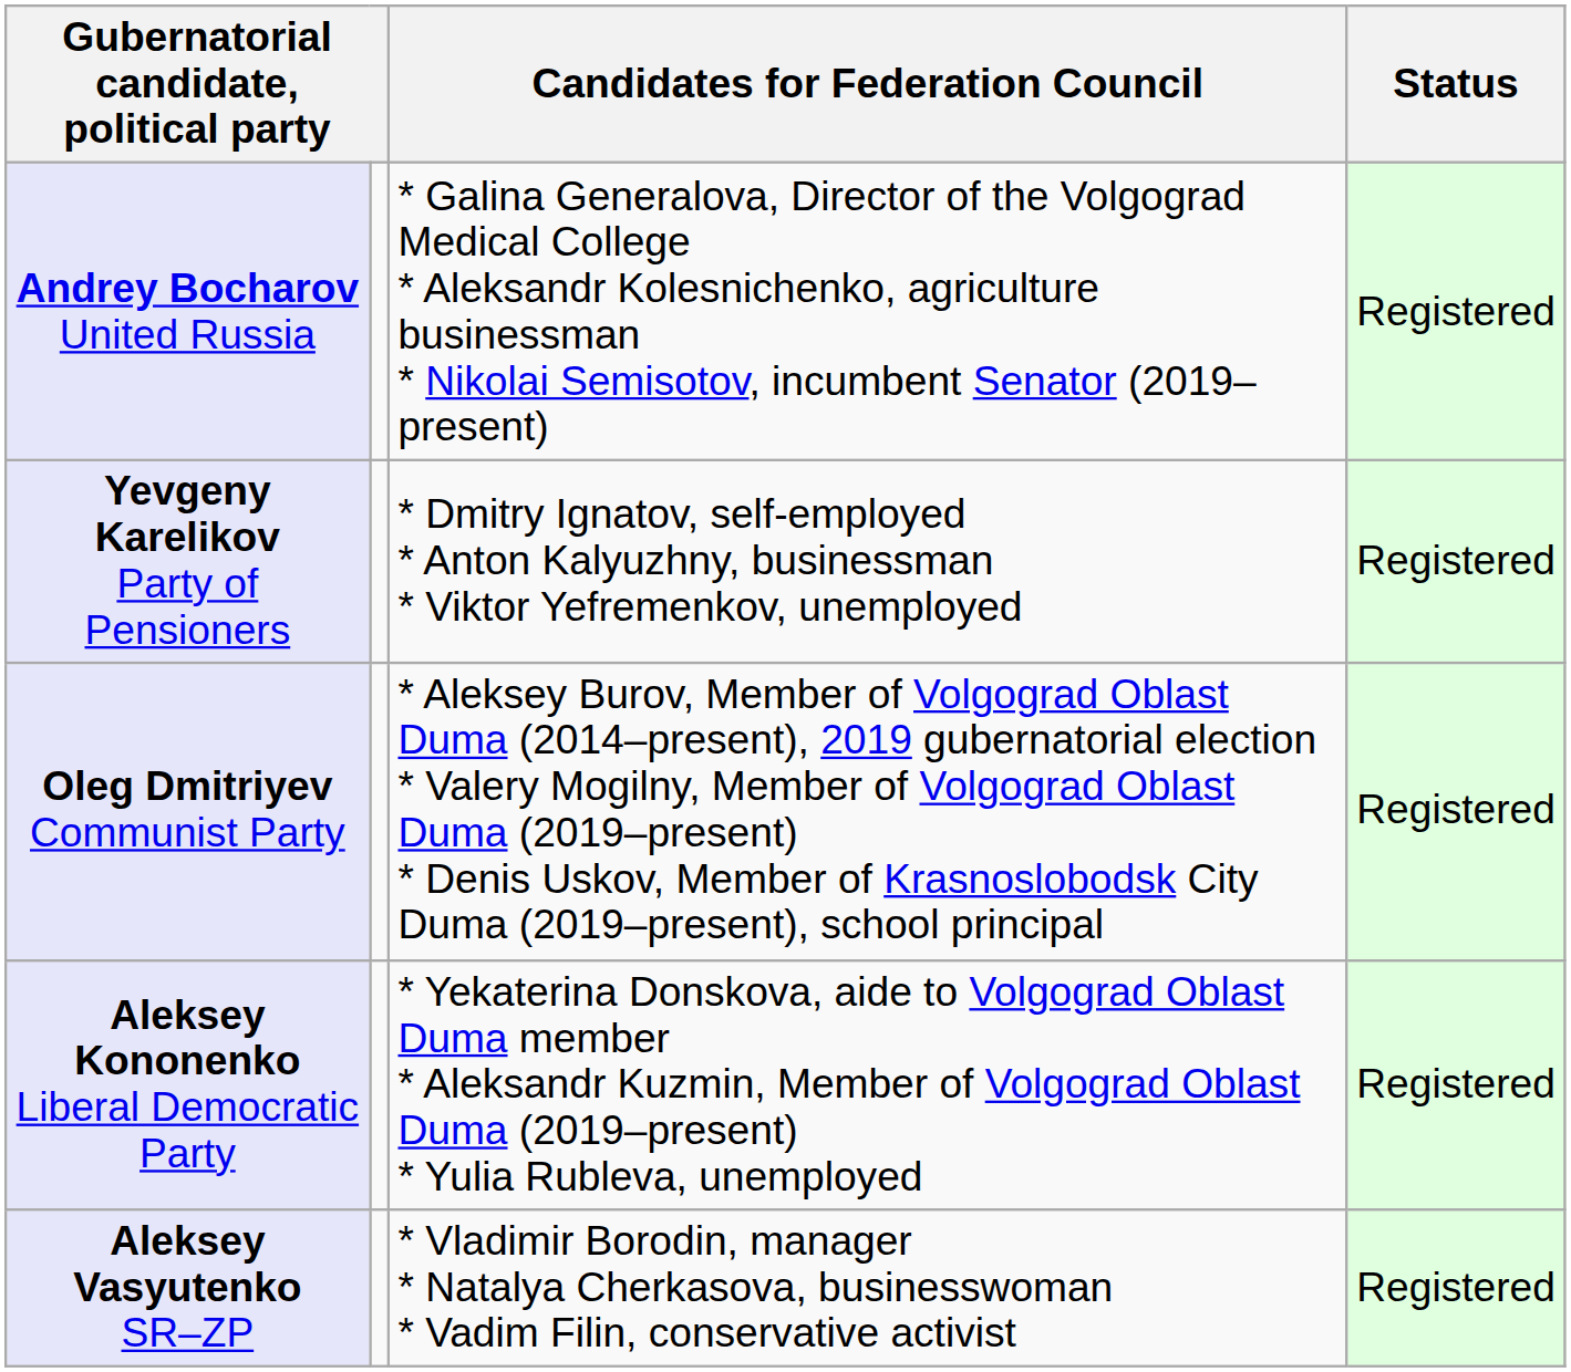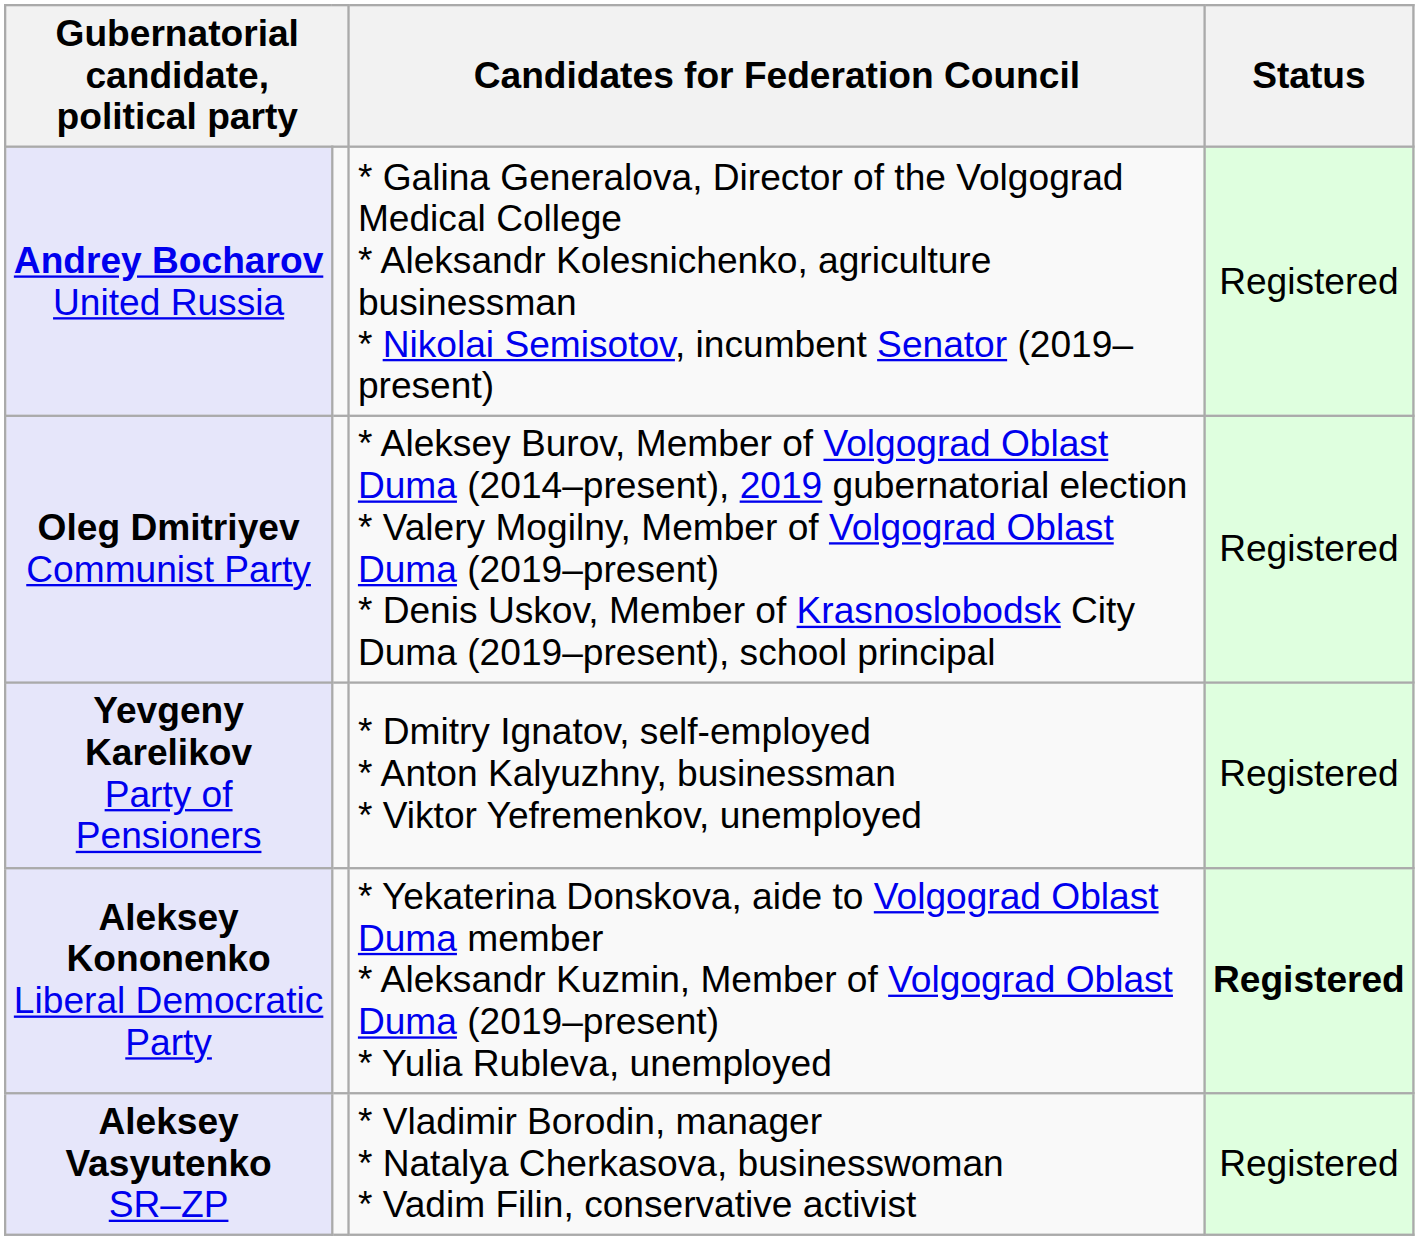 <table class="wikitable" style="text-align:center;">
 <tr>
 <th colspan="2">Gubernatorial candidate,<br>political party</th>
 <th>Candidates for Federation Council</th>
 <th>Status</th>
 </tr>
 <tr>
 <td style="background:lavender;"><strong><a href='#'>Andrey Bocharov</a></strong><br><a href='#'>United Russia</a></td>
 <td style="background-color:"></td>
 <td align=left>* Galina Generalova, Director of the Volgograd Medical College<br>* Aleksandr Kolesnichenko, agriculture businessman<br>* <a href='#'>Nikolai Semisotov</a>, incumbent <a href='#'>Senator</a> (2019–present)</td>
 <td bgcolor="#DFFFDF">Registered</td>
 </tr>
 <tr>
+<td style="background:lavender;"><strong>Oleg Dmitriyev</strong><br><a href='#'>Communist Party</a></td>
+<td style="background-color:"></td>
+<td align=left>* Aleksey Burov, Member of <a href='#'>Volgograd Oblast Duma</a> (2014–present), <a href='#'>2019</a> gubernatorial election<br>* Valery Mogilny, Member of <a href='#'>Volgograd Oblast Duma</a> (2019–present)<br>* Denis Uskov, Member of <a href='#'>Krasnoslobodsk</a> City Duma (2019–present), school principal</td>
+<td bgcolor="#DFFFDF">Registered</td>
+</tr>
+<tr>
 <td style="background:lavender;"><strong>Yevgeny Karelikov</strong><br><a href='#'>Party of Pensioners</a></td>
 <td style="background-color:"></td>
 <td align=left>* Dmitry Ignatov, self-employed<br>* Anton Kalyuzhny, businessman<br>* Viktor Yefremenkov, unemployed</td>
 <td bgcolor="#DFFFDF">Registered</td>
 </tr>
 <tr>
-<td style="background:lavender;"><strong>Oleg Dmitriyev</strong><br><a href='#'>Communist Party</a></td>
-<td style="background-color:"></td>
-<td align=left>* Aleksey Burov, Member of <a href='#'>Volgograd Oblast Duma</a> (2014–present), <a href='#'>2019</a> gubernatorial election<br>* Valery Mogilny, Member of <a href='#'>Volgograd Oblast Duma</a> (2019–present)<br>* Denis Uskov, Member of <a href='#'>Krasnoslobodsk</a> City Duma (2019–present), school principal</td>
-<td bgcolor="#DFFFDF">Registered</td>
-</tr>
-<tr>
 <td style="background:lavender;"><strong>Aleksey Kononenko</strong><br><a href='#'>Liberal Democratic Party</a></td>
 <td style="background-color:"></td>
 <td align=left>* Yekaterina Donskova, aide to <a href='#'>Volgograd Oblast Duma</a> member<br>* Aleksandr Kuzmin, Member of <a href='#'>Volgograd Oblast Duma</a> (2019–present)<br>* Yulia Rubleva, unemployed</td>
-<td bgcolor="#DFFFDF">Registered</td>
+<td bgcolor="#DFFFDF"><strong>Registered</strong></td>
 </tr>
 <tr>
 <td style="background:lavender;"><strong>Aleksey Vasyutenko</strong><br><a href='#'>SR–ZP</a></td>
 <td style="background-color:"></td>
 <td align=left>* Vladimir Borodin, manager<br>* Natalya Cherkasova, businesswoman<br>* Vadim Filin, conservative activist</td>
 <td bgcolor="#DFFFDF">Registered</td>
 </tr>
 </table>
